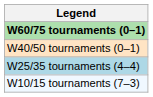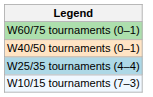 <table class=wikitable style="font-size:85%;">
 <tr>
 <th>Legend</th>
 </tr>
 <tr style="background:#addfad;">
-<td><strong>W60/75 tournaments (0–1)</strong></td>
+<td>W60/75 tournaments (0–1)</td>
 </tr>
 <tr style="background:#ffe4c4;">
 <td>W40/50 tournaments (0–1)</td>
 </tr>
 <tr style="background:lightblue;">
 <td>W25/35 tournaments (4–4)</td>
 </tr>
 <tr style="background:#f0f8ff;">
 <td>W10/15 tournaments (7–3)</td>
 </tr>
 </table>
